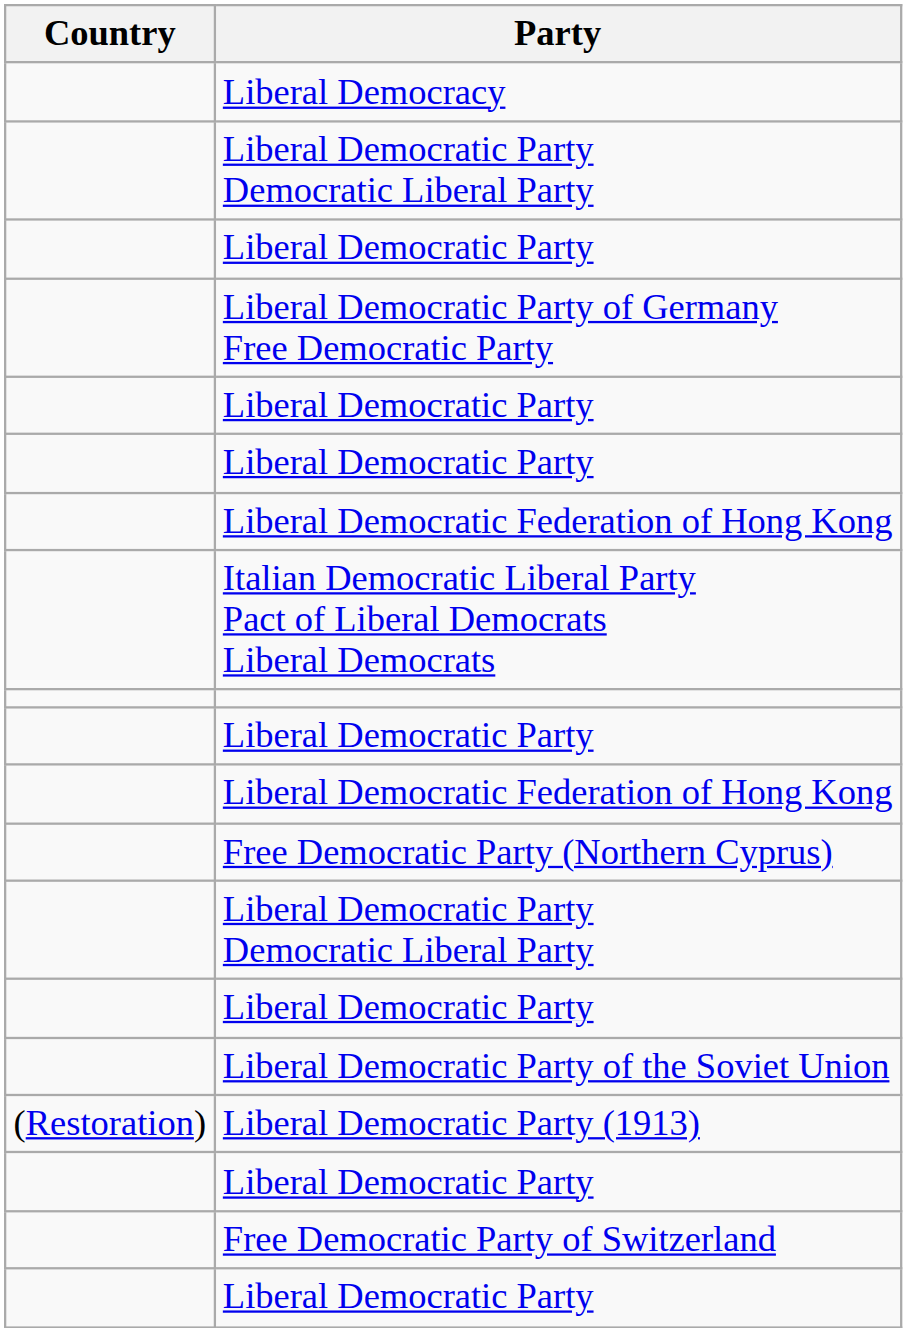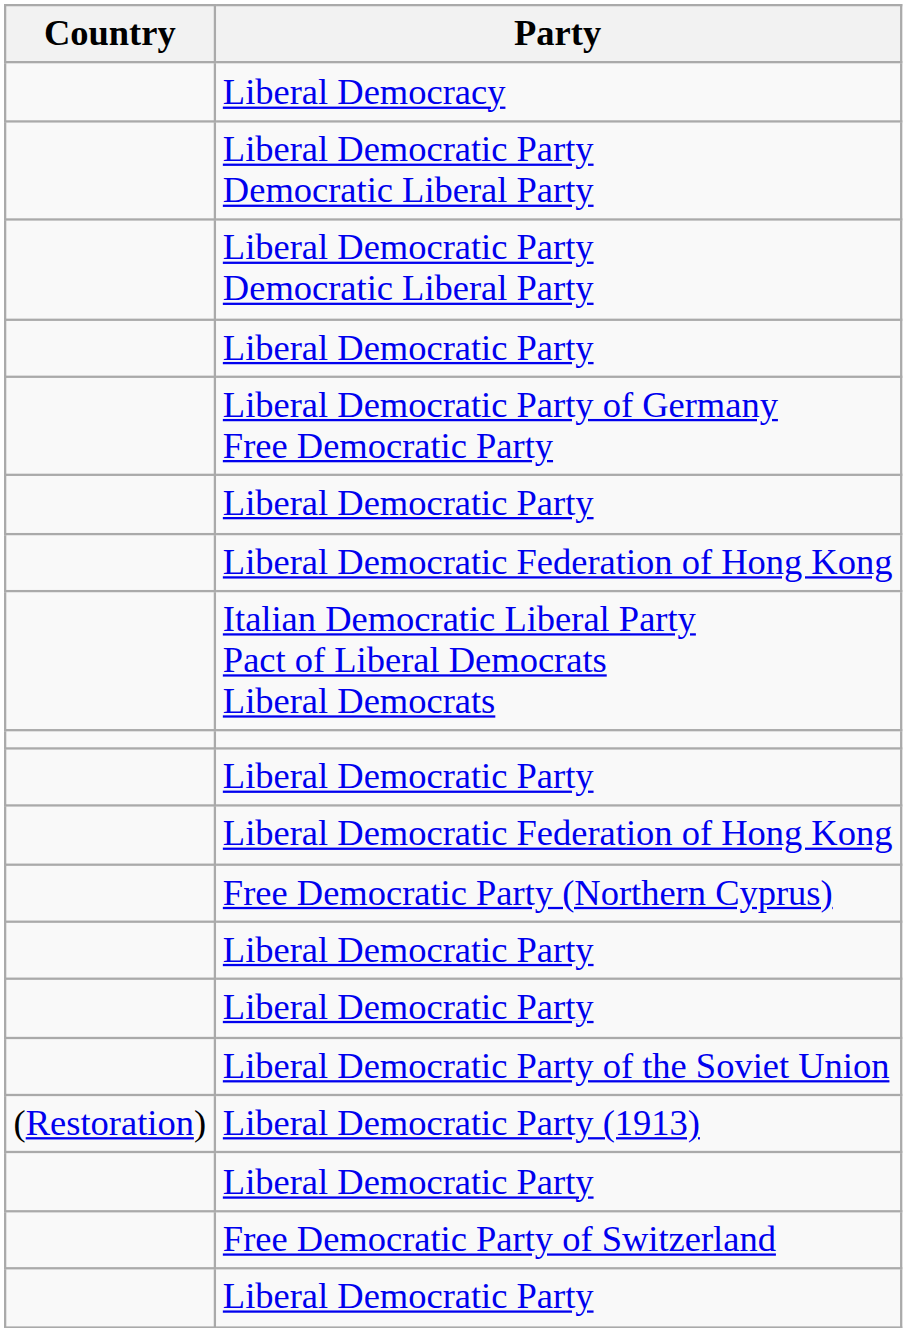 <table class="wikitable sortable">
 <tr>
 <th>Country</th>
 <th>Party</th>
 </tr>
 <tr>
 <td></td>
 <td><a href='#'>Liberal Democracy</a></td>
 </tr>
 <tr>
 <td></td>
 <td><a href='#'>Liberal Democratic Party</a><br><a href='#'>Democratic Liberal Party</a></td>
 </tr>
 <tr>
 <td></td>
+<td><a href='#'>Liberal Democratic Party</a><br><a href='#'>Democratic Liberal Party</a></td>
+</tr>
+<tr>
+<td></td>
 <td><a href='#'>Liberal Democratic Party</a></td>
 </tr>
 <tr>
 <td></td>
 <td><a href='#'>Liberal Democratic Party of Germany</a><br><a href='#'>Free Democratic Party</a></td>
-</tr>
-<tr>
-<td></td>
-<td><a href='#'>Liberal Democratic Party</a></td>
 </tr>
 <tr>
 <td></td>
 <td><a href='#'>Liberal Democratic Party</a></td>
 </tr>
 <tr>
 <td></td>
 <td><a href='#'>Liberal Democratic Federation of Hong Kong</a></td>
 </tr>
 <tr>
 <td></td>
 <td><a href='#'>Italian Democratic Liberal Party</a><br><a href='#'>Pact of Liberal Democrats</a><br><a href='#'>Liberal Democrats</a></td>
 </tr>
 <tr>
 <td></td>
 <td></td>
 </tr>
 <tr>
 <td></td>
 <td><a href='#'>Liberal Democratic Party</a></td>
 </tr>
 <tr>
 <td></td>
 <td><a href='#'>Liberal Democratic Federation of Hong Kong</a></td>
 </tr>
 <tr>
 <td></td>
 <td><a href='#'>Free Democratic Party (Northern Cyprus)</a></td>
 </tr>
 <tr>
 <td></td>
-<td><a href='#'>Liberal Democratic Party</a><br><a href='#'>Democratic Liberal Party</a></td>
+<td><a href='#'>Liberal Democratic Party</a></td>
 </tr>
 <tr>
 <td></td>
 <td><a href='#'>Liberal Democratic Party</a></td>
 </tr>
 <tr>
 <td></td>
 <td><a href='#'>Liberal Democratic Party of the Soviet Union</a></td>
 </tr>
 <tr>
 <td> (<a href='#'>Restoration</a>)</td>
 <td><a href='#'>Liberal Democratic Party (1913)</a></td>
 </tr>
 <tr>
 <td></td>
 <td><a href='#'>Liberal Democratic Party</a></td>
 </tr>
 <tr>
 <td></td>
 <td><a href='#'>Free Democratic Party of Switzerland</a></td>
 </tr>
 <tr>
 <td></td>
 <td><a href='#'>Liberal Democratic Party</a></td>
 </tr>
 </table>
